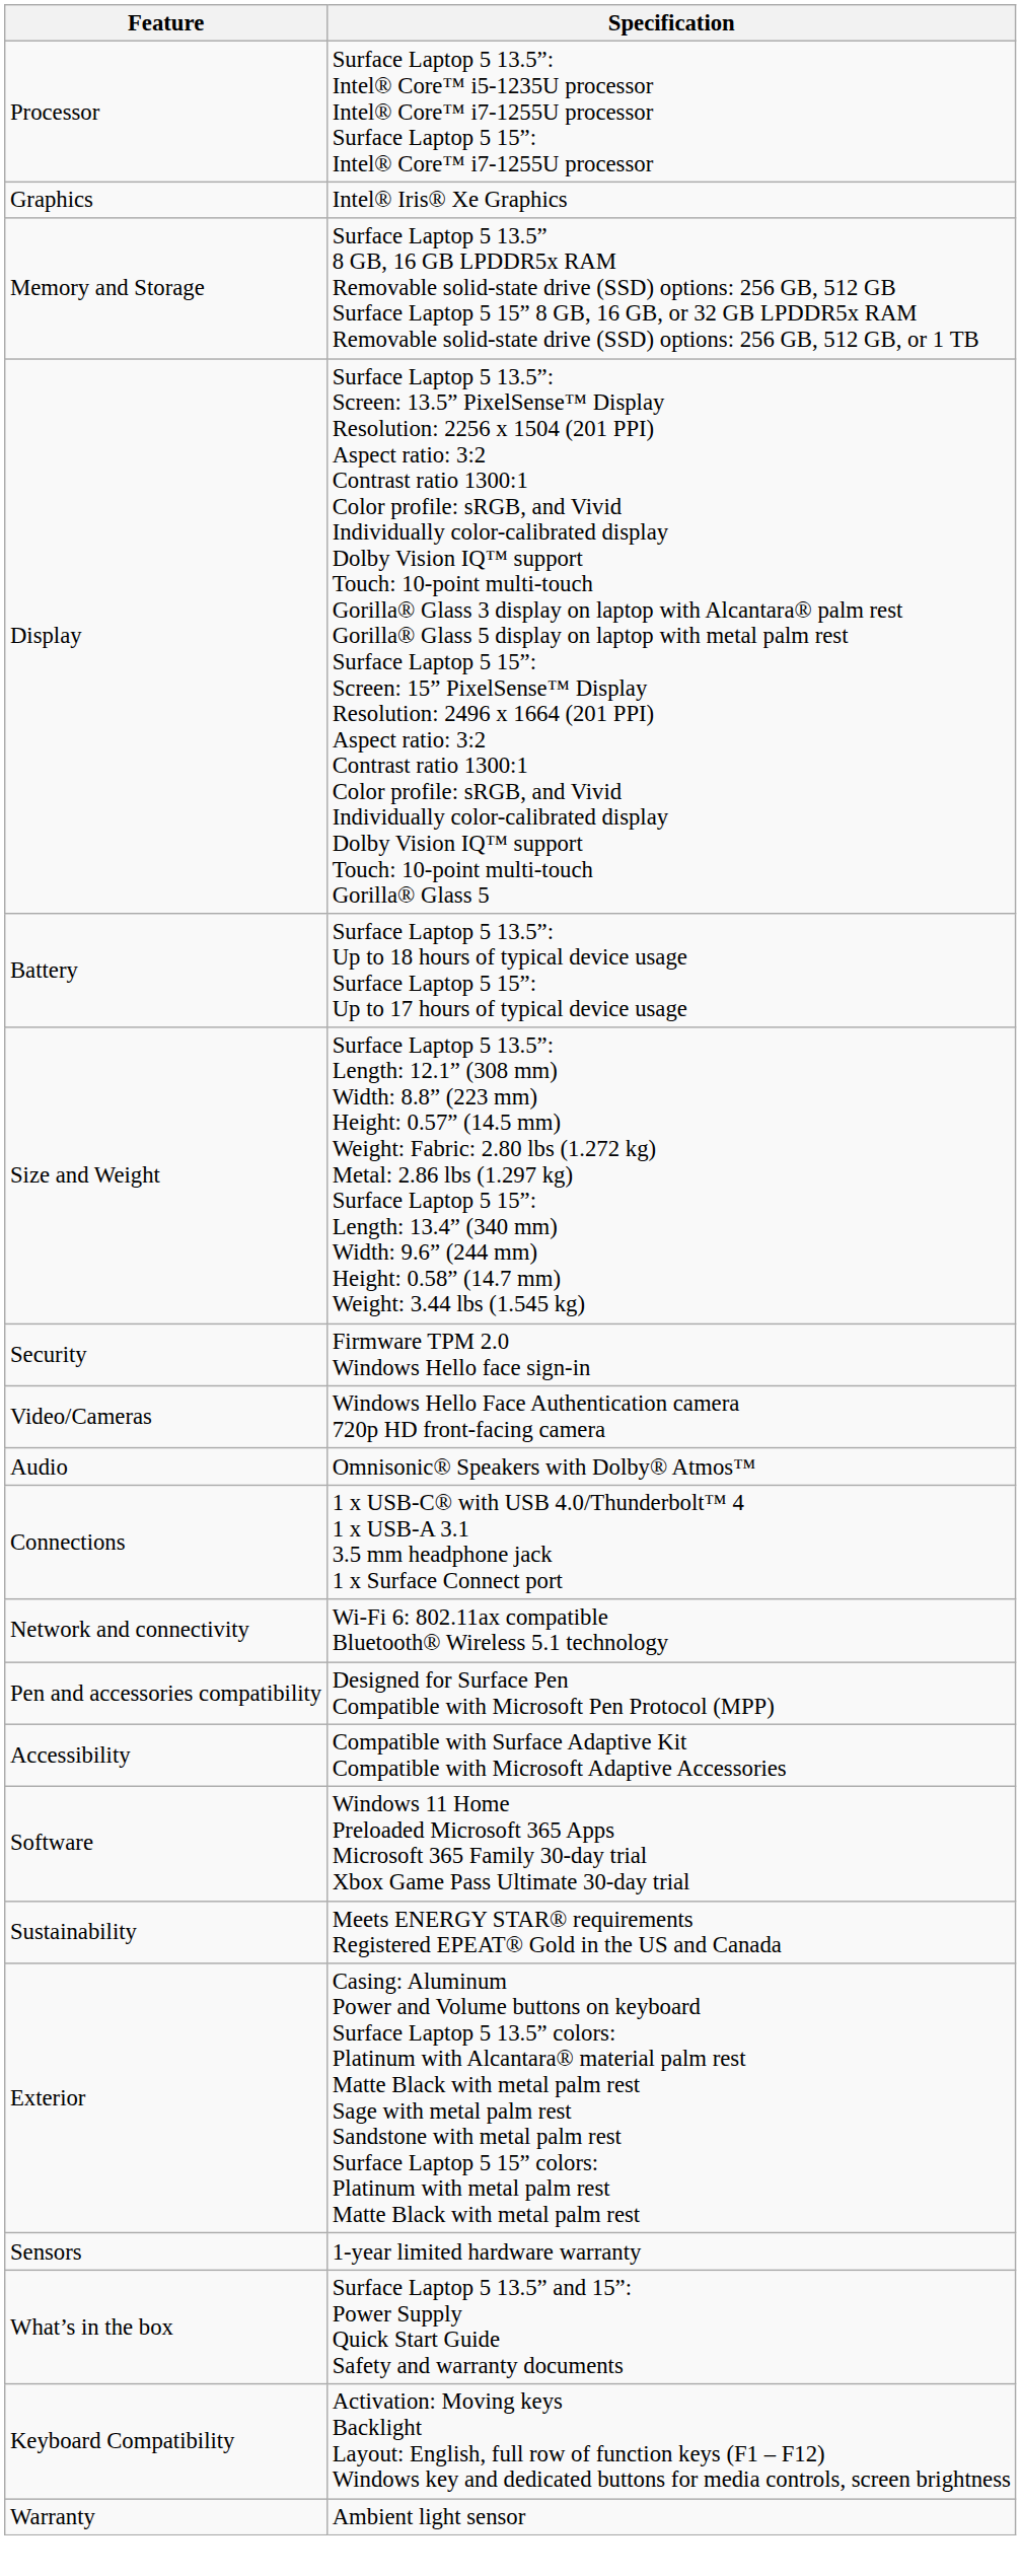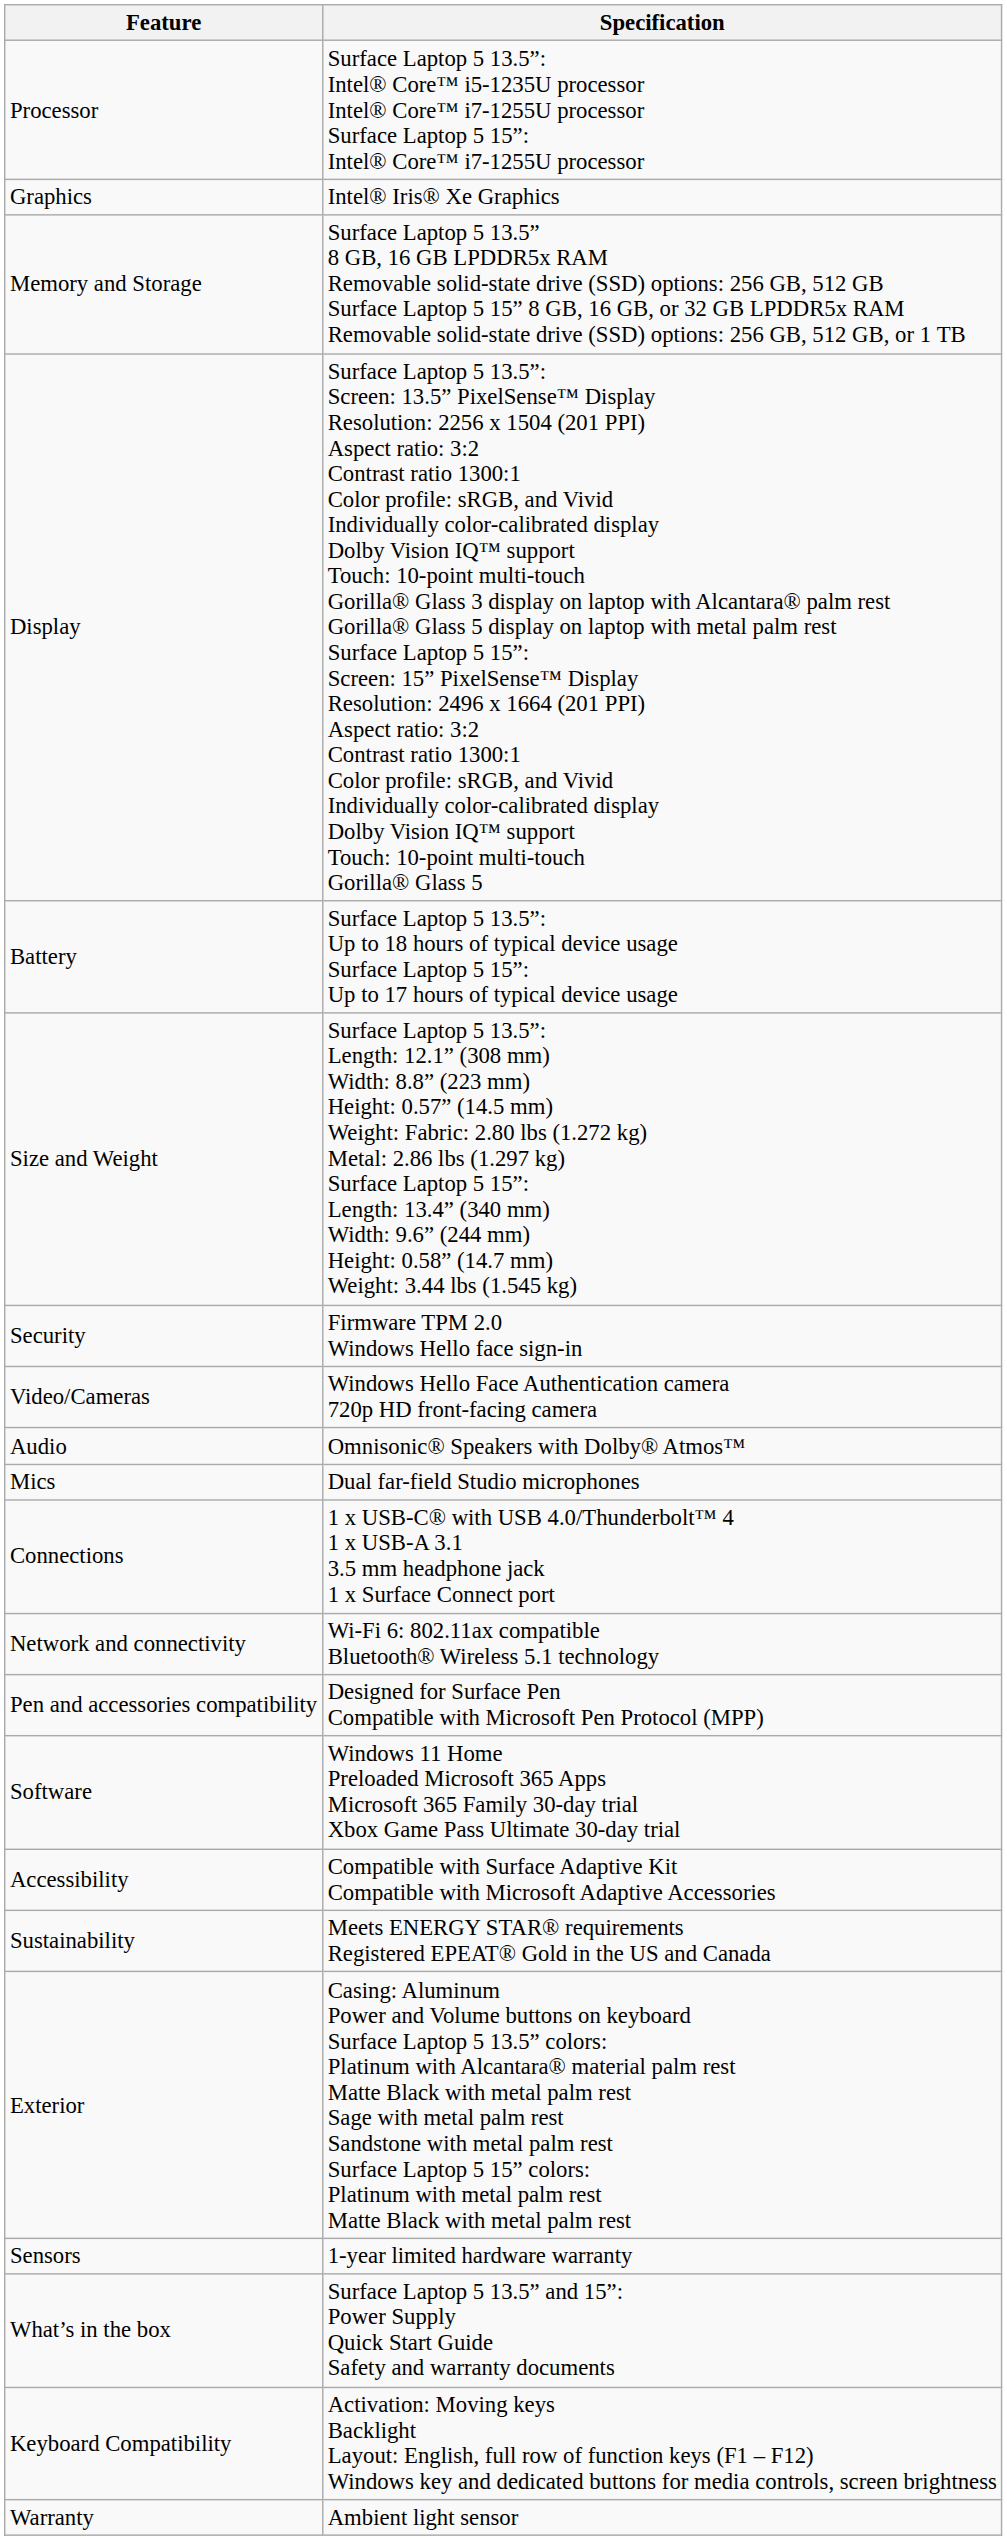 <table class="wikitable">
 <tr>
 <th>Feature</th>
 <th>Specification</th>
 </tr>
 <tr>
 <td>Processor</td>
 <td>Surface Laptop 5 13.5”:<br>Intel® Core™ i5-1235U processor<br>Intel® Core™ i7-1255U processor<br>Surface Laptop 5 15”:<br>Intel® Core™ i7-1255U processor</td>
 </tr>
 <tr>
 <td>Graphics</td>
 <td>Intel® Iris® Xe Graphics</td>
 </tr>
 <tr>
 <td>Memory and Storage</td>
 <td>Surface Laptop 5 13.5”<br>8 GB, 16 GB LPDDR5x RAM<br>Removable solid-state drive (SSD) options: 256 GB, 512 GB<br>Surface Laptop 5 15” 8 GB, 16 GB, or 32 GB LPDDR5x RAM<br>Removable solid-state drive (SSD) options: 256 GB, 512 GB, or 1 TB</td>
 </tr>
 <tr>
 <td>Display</td>
 <td>Surface Laptop 5 13.5”:<br>Screen: 13.5” PixelSense™ Display<br>Resolution: 2256 x 1504 (201 PPI)<br>Aspect ratio: 3:2<br>Contrast ratio 1300:1<br>Color profile: sRGB, and Vivid<br>Individually color-calibrated display<br>Dolby Vision IQ™ support<br>Touch: 10-point multi-touch<br>Gorilla® Glass 3 display on laptop with Alcantara® palm rest<br>Gorilla® Glass 5 display on laptop with metal palm rest<br>Surface Laptop 5 15”:<br>Screen: 15” PixelSense™ Display<br>Resolution: 2496 x 1664 (201 PPI)<br>Aspect ratio: 3:2<br>Contrast ratio 1300:1<br>Color profile: sRGB, and Vivid<br>Individually color-calibrated display<br>Dolby Vision IQ™ support<br>Touch: 10-point multi-touch<br>Gorilla® Glass 5</td>
 </tr>
 <tr>
 <td>Battery</td>
 <td>Surface Laptop 5 13.5”:<br>Up to 18 hours of typical device usage<br>Surface Laptop 5 15”:<br>Up to 17 hours of typical device usage</td>
 </tr>
 <tr>
 <td>Size and Weight</td>
 <td>Surface Laptop 5 13.5”:<br>Length: 12.1” (308 mm)<br>Width: 8.8” (223 mm)<br>Height: 0.57” (14.5 mm)<br>Weight: Fabric: 2.80 lbs (1.272 kg)<br>Metal: 2.86 lbs (1.297 kg)<br>Surface Laptop 5 15”:<br>Length: 13.4” (340 mm)<br>Width: 9.6” (244 mm)<br>Height: 0.58” (14.7 mm)<br>Weight: 3.44 lbs (1.545 kg)</td>
 </tr>
 <tr>
 <td>Security</td>
 <td>Firmware TPM 2.0<br>Windows Hello face sign-in</td>
 </tr>
 <tr>
 <td>Video/Cameras</td>
 <td>Windows Hello Face Authentication camera<br>720p HD front-facing camera</td>
 </tr>
 <tr>
 <td>Audio</td>
 <td>Omnisonic® Speakers with Dolby® Atmos™</td>
 </tr>
 <tr>
+<td>Mics</td>
+<td>Dual far-field Studio microphones</td>
+</tr>
+<tr>
 <td>Connections</td>
 <td>1 x USB-C® with USB 4.0/Thunderbolt™ 4<br>1 x USB-A 3.1<br>3.5 mm headphone jack<br>1 x Surface Connect port</td>
 </tr>
 <tr>
 <td>Network and connectivity</td>
 <td>Wi-Fi 6: 802.11ax compatible<br>Bluetooth® Wireless 5.1 technology</td>
 </tr>
 <tr>
 <td>Pen and accessories compatibility</td>
 <td>Designed for Surface Pen<br>Compatible with Microsoft Pen Protocol (MPP)</td>
 </tr>
 <tr>
+<td>Software</td>
+<td>Windows 11 Home<br>Preloaded Microsoft 365 Apps<br>Microsoft 365 Family 30-day trial<br>Xbox Game Pass Ultimate 30-day trial</td>
+</tr>
+<tr>
 <td>Accessibility</td>
 <td>Compatible with Surface Adaptive Kit<br>Compatible with Microsoft Adaptive Accessories</td>
-</tr>
-<tr>
-<td>Software</td>
-<td>Windows 11 Home<br>Preloaded Microsoft 365 Apps<br>Microsoft 365 Family 30-day trial<br>Xbox Game Pass Ultimate 30-day trial</td>
 </tr>
 <tr>
 <td>Sustainability</td>
 <td>Meets ENERGY STAR® requirements<br>Registered EPEAT® Gold in the US and Canada</td>
 </tr>
 <tr>
 <td>Exterior</td>
 <td>Casing: Aluminum<br>Power and Volume buttons on keyboard<br>Surface Laptop 5 13.5” colors:<br>Platinum with Alcantara® material palm rest<br>Matte Black with metal palm rest<br>Sage with metal palm rest<br>Sandstone with metal palm rest<br>Surface Laptop 5 15” colors:<br>Platinum with metal palm rest<br>Matte Black with metal palm rest</td>
 </tr>
 <tr>
 <td>Sensors</td>
 <td>1-year limited hardware warranty</td>
 </tr>
 <tr>
 <td>What’s in the box</td>
 <td>Surface Laptop 5 13.5” and 15”:<br>Power Supply<br>Quick Start Guide<br>Safety and warranty documents</td>
 </tr>
 <tr>
 <td>Keyboard Compatibility</td>
 <td>Activation: Moving keys<br>Backlight<br>Layout: English, full row of function keys (F1 – F12)<br>Windows key and dedicated buttons for media controls, screen brightness</td>
 </tr>
 <tr>
 <td>Warranty</td>
 <td>Ambient light sensor</td>
 </tr>
 </table>
